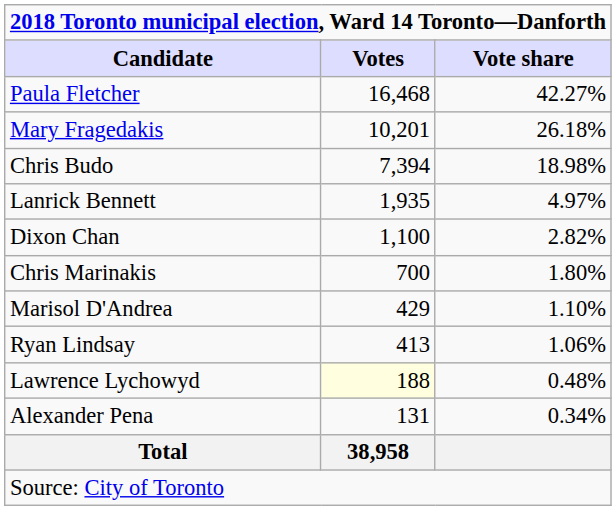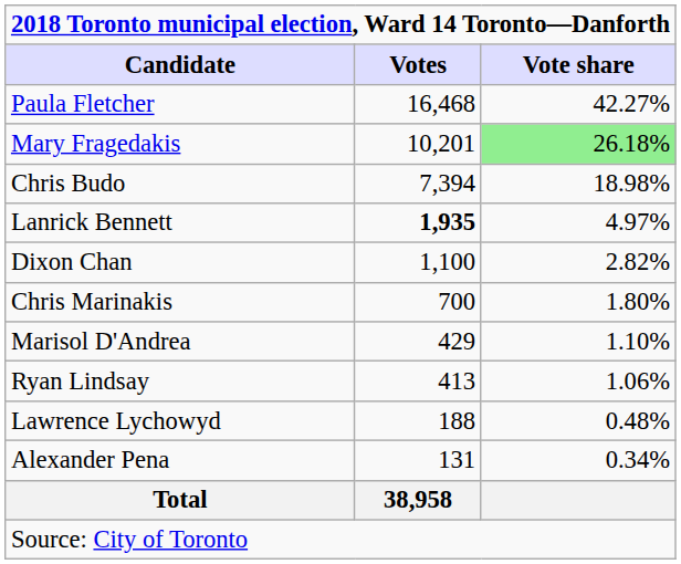 <table class="wikitable plainrowheaders">
 <tr>
 <td colspan="3"><strong><a href='#'>2018 Toronto municipal election</a>, Ward 14 Toronto—Danforth</strong></td>
 </tr>
 <tr>
 <th scope="col" style="background:#ddf;">Candidate</th>
 <th scope="col" style="background:#ddf;">Votes</th>
 <th scope="col" style="background:#ddf;">Vote share</th>
 </tr>
 <tr>
 <td scope="row"><a href='#'>Paula Fletcher</a></td>
 <td align="right">16,468</td>
 <td align="right">42.27%</td>
 </tr>
 <tr>
 <td scope="row"><a href='#'>Mary Fragedakis</a></td>
 <td align="right">10,201</td>
-<td align="right">26.18%</td>
+<td align="right" style="background: lightgreen;">26.18%</td>
 </tr>
 <tr>
 <td scope="row">Chris Budo</td>
 <td align="right">7,394</td>
 <td align="right">18.98%</td>
 </tr>
 <tr>
 <td scope="row">Lanrick Bennett</td>
-<td align="right">1,935</td>
+<td align="right"><strong>1,935</strong></td>
 <td align="right">4.97%</td>
 </tr>
 <tr>
 <td scope="row">Dixon Chan</td>
 <td align="right">1,100</td>
 <td align="right">2.82%</td>
 </tr>
 <tr>
 <td>Chris Marinakis</td>
 <td align="right">700</td>
 <td align="right">1.80%</td>
 </tr>
 <tr>
 <td>Marisol D'Andrea</td>
 <td align="right">429</td>
 <td align="right">1.10%</td>
 </tr>
 <tr>
 <td>Ryan Lindsay</td>
 <td align="right">413</td>
 <td align="right">1.06%</td>
 </tr>
 <tr>
 <td>Lawrence Lychowyd</td>
-<td align="right" style="background: lightyellow;">188</td>
+<td align="right">188</td>
 <td align="right">0.48%</td>
 </tr>
 <tr>
 <td>Alexander Pena</td>
 <td align="right">131</td>
 <td align="right">0.34%</td>
 </tr>
 <tr>
 <th scope="row"><strong>Total</strong></th>
 <th align="right">38,958</th>
 <th align="right"></th>
 </tr>
 <tr>
 <td colspan="3">Source: <a href='#'>City of Toronto</a></td>
 </tr>
 </table>
